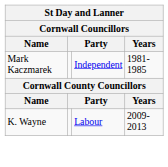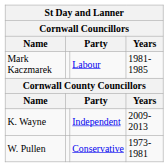 <table class="wikitable vcard" border="1" cellpadding="2" cellspacing="0" align="right" width="260" style="margin-left:0.5em;">
 <tr>
 <th class="fn org" colspan=4 align=center bgcolor="#ff9999"><strong>St Day and Lanner</strong></th>
 </tr>
 <tr>
 <th colspan=4 align=center bgcolor="#ff9999">Cornwall Councillors</th>
 </tr>
 <tr>
 <th>Name</th>
 <th colspan=2>Party</th>
 <th>Years</th>
 </tr>
 <tr>
 <td>Mark Kaczmarek</td>
 <td style="background-color: "></td>
-<td><a href='#'>Independent</a></td>
+<td><a href='#'>Labour</a></td>
 <td>1981-1985</td>
 </tr>
 <tr>
 <th colspan=4 align=center bgcolor="#ff9999">Cornwall County Councillors</th>
 </tr>
 <tr>
 <th>Name</th>
 <th colspan=2>Party</th>
 <th>Years</th>
 </tr>
 <tr>
 <td>K. Wayne</td>
 <td style="background-color: "></td>
-<td><a href='#'>Labour</a></td>
+<td><a href='#'>Independent</a></td>
 <td>2009-2013</td>
 </tr>
+<tr>
+<td>W. Pullen</td>
+<td style="background-color: "></td>
+<td><a href='#'>Conservative</a></td>
+<td>1973-1981</td>
+</tr>
 </table>
